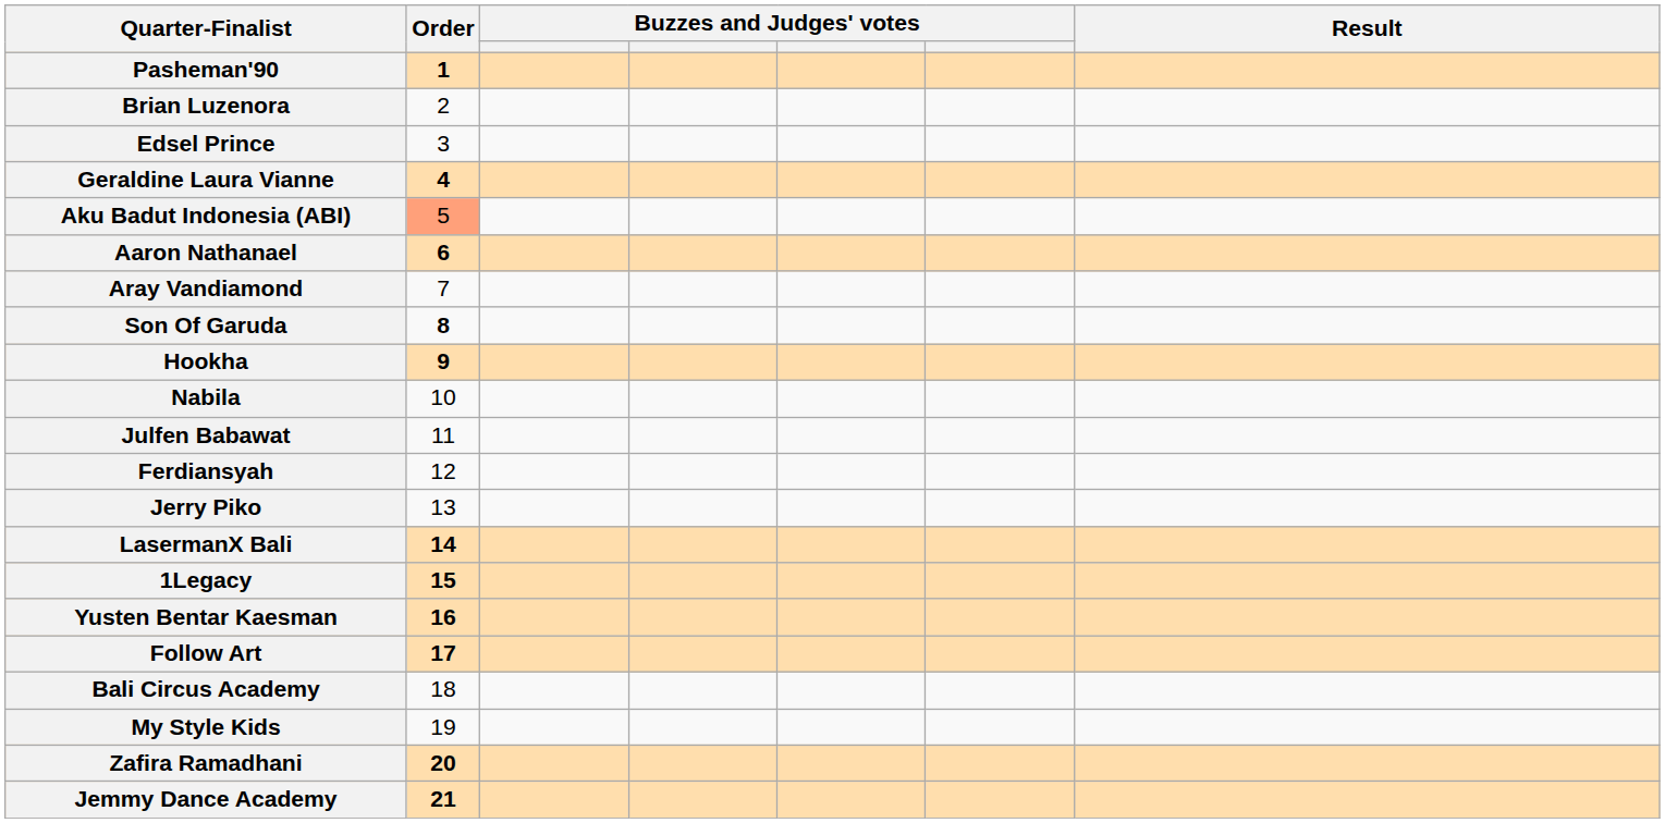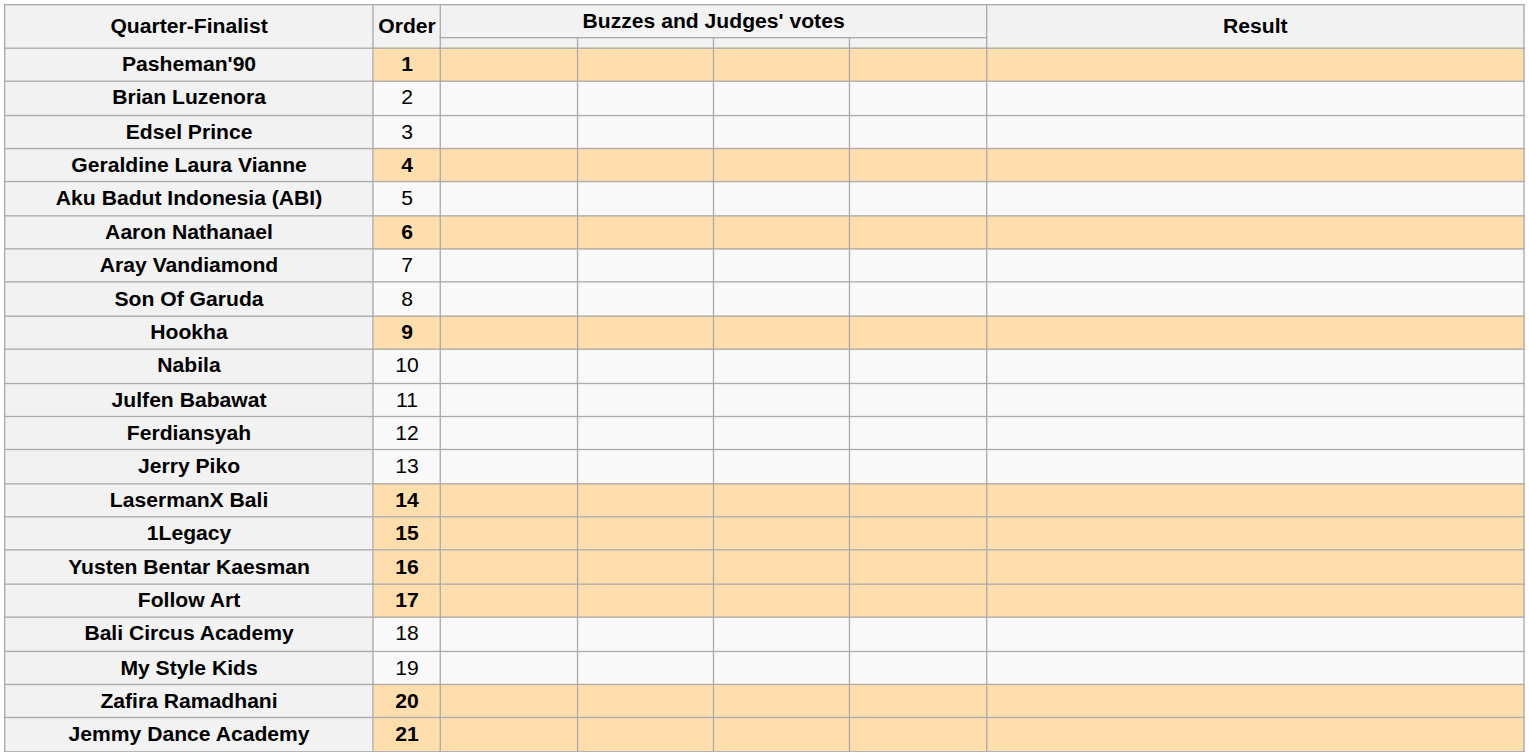 <table class="wikitable plainrowheaders sortable" style="text-align:center;">
 <tr>
 <th scope="col" rowspan="2" class="unsortable" style="width:17em;">Quarter-Finalist</th>
 <th scope="col" rowspan="2" style="width:1em;">Order</th>
 <th scope="col" colspan="4" class="unsortable" style="width:24em;">Buzzes and Judges' votes</th>
 <th scope="col" rowspan="2" style="width:25em;">Result</th>
 </tr>
 <tr>
 <th scope="col" class="unsortable" style="width:6em;"></th>
 <th scope="col" class="unsortable" style="width:6em;"></th>
 <th scope="col" class="unsortable" style="width:6em;"></th>
 <th scope="col" class="unsortable" style="width:6em;"></th>
 </tr>
 <tr style="background:NavajoWhite">
 <th scope="row"><strong>Pasheman'90</strong></th>
 <td><strong>1</strong></td>
 <td style="text-align:center;"></td>
 <td style="text-align:center;"></td>
 <td style="text-align:center;"></td>
 <td style="text-align:center;"></td>
 <td></td>
 </tr>
 <tr>
 <th scope="row">Brian Luzenora</th>
 <td>2</td>
 <td style="text-align:center;"></td>
 <td style="text-align:center;"></td>
 <td style="text-align:center;"></td>
 <td style="text-align:center;"></td>
 <td></td>
 </tr>
 <tr>
 <th scope="row">Edsel Prince</th>
 <td>3</td>
 <td style="text-align:center;"></td>
 <td style="text-align:center;"></td>
 <td style="text-align:center;"></td>
 <td style="text-align:center;"></td>
 <td></td>
 </tr>
 <tr style="background:NavajoWhite">
 <th scope="row"><strong>Geraldine Laura Vianne</strong></th>
 <td><strong>4</strong></td>
 <td style="text-align:center;"></td>
 <td style="text-align:center;"></td>
 <td style="text-align:center;"></td>
 <td style="text-align:center;"></td>
 <td></td>
 </tr>
 <tr>
 <th scope="row">Aku Badut Indonesia (ABI)</th>
-<td style="background: lightsalmon;">5</td>
+<td>5</td>
 <td style="text-align:center;"></td>
 <td style="text-align:center;"></td>
 <td style="text-align:center;"></td>
 <td style="text-align:center;"></td>
 <td></td>
 </tr>
 <tr style="background:NavajoWhite">
 <th scope="row"><strong>Aaron Nathanael</strong></th>
 <td><strong>6</strong></td>
 <td style="text-align:center;"></td>
 <td style="text-align:center;"></td>
 <td style="text-align:center;"></td>
 <td style="text-align:center;"></td>
 <td></td>
 </tr>
 <tr>
 <th scope="row">Aray Vandiamond</th>
 <td>7</td>
 <td style="text-align:center;"></td>
 <td style="text-align:center;"></td>
 <td style="text-align:center;"></td>
 <td style="text-align:center;"></td>
 <td></td>
 </tr>
 <tr>
 <th scope="row">Son Of Garuda</th>
-<td><strong>8</strong></td>
+<td>8</td>
 <td style="text-align:center;"></td>
 <td style="text-align:center;"></td>
 <td style="text-align:center;"></td>
 <td style="text-align:center;"></td>
 <td></td>
 </tr>
 <tr style="background:NavajoWhite">
 <th scope="row"><strong>Hookha</strong></th>
 <td><strong>9</strong></td>
 <td style="text-align:center;"></td>
 <td style="text-align:center;"></td>
 <td style="text-align:center;"></td>
 <td style="text-align:center;"></td>
 <td></td>
 </tr>
 <tr>
 <th scope="row">Nabila</th>
 <td>10</td>
 <td style="text-align:center;"></td>
 <td style="text-align:center;"></td>
 <td style="text-align:center;"></td>
 <td style="text-align:center;"></td>
 <td></td>
 </tr>
 <tr>
 <th scope="row">Julfen Babawat</th>
 <td>11</td>
 <td style="text-align:center;"></td>
 <td style="text-align:center;"></td>
 <td style="text-align:center;"></td>
 <td style="text-align:center;"></td>
 <td></td>
 </tr>
 <tr>
 <th scope="row">Ferdiansyah</th>
 <td>12</td>
 <td style="text-align:center;"></td>
 <td style="text-align:center;"></td>
 <td style="text-align:center;"></td>
 <td style="text-align:center;"></td>
 <td></td>
 </tr>
 <tr>
 <th scope="row">Jerry Piko</th>
 <td>13</td>
 <td style="text-align:center;"></td>
 <td style="text-align:center;"></td>
 <td style="text-align:center;"></td>
 <td style="text-align:center;"></td>
 <td></td>
 </tr>
 <tr style="background:NavajoWhite">
 <th scope="row"><strong>LasermanX Bali</strong></th>
 <td><strong>14</strong></td>
 <td style="text-align:center;"></td>
 <td style="text-align:center;"></td>
 <td style="text-align:center;"></td>
 <td style="text-align:center;"></td>
 <td></td>
 </tr>
 <tr style="background:NavajoWhite">
 <th scope="row"><strong>1Legacy</strong></th>
 <td><strong>15</strong></td>
 <td style="text-align:center;"></td>
 <td style="text-align:center;"></td>
 <td style="text-align:center;"></td>
 <td style="text-align:center;"></td>
 <td></td>
 </tr>
 <tr style="background:NavajoWhite">
 <th scope="row"><strong>Yusten Bentar Kaesman</strong></th>
 <td><strong>16</strong></td>
 <td style="text-align:center;"></td>
 <td style="text-align:center;"></td>
 <td style="text-align:center;"></td>
 <td style="text-align:center;"></td>
 <td></td>
 </tr>
 <tr style="background:NavajoWhite">
 <th scope="row"><strong>Follow Art</strong></th>
 <td><strong>17</strong></td>
 <td style="text-align:center;"></td>
 <td style="text-align:center;"></td>
 <td style="text-align:center;"></td>
 <td style="text-align:center;"></td>
 <td></td>
 </tr>
 <tr>
 <th scope="row">Bali Circus Academy</th>
 <td>18</td>
 <td style="text-align:center;"></td>
 <td style="text-align:center;"></td>
 <td style="text-align:center;"></td>
 <td style="text-align:center;"></td>
 <td></td>
 </tr>
 <tr>
 <th scope="row">My Style Kids</th>
 <td>19</td>
 <td style="text-align:center;"></td>
 <td style="text-align:center;"></td>
 <td style="text-align:center;"></td>
 <td style="text-align:center;"></td>
 <td></td>
 </tr>
 <tr style="background:NavajoWhite">
 <th scope="row"><strong>Zafira Ramadhani </strong></th>
 <td><strong>20</strong></td>
 <td style="text-align:center;"></td>
 <td style="text-align:center;"></td>
 <td style="text-align:center;"></td>
 <td style="text-align:center;"></td>
 <td></td>
 </tr>
 <tr style="background:NavajoWhite">
 <th scope="row"><strong>Jemmy Dance Academy</strong></th>
 <td><strong>21</strong></td>
 <td style="text-align:center;"></td>
 <td style="text-align:center;"></td>
 <td style="text-align:center;"></td>
 <td style="text-align:center;"></td>
 <td></td>
 </tr>
 </table>
